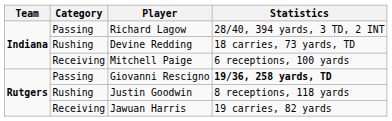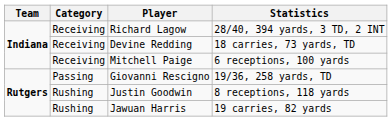 <table class="wikitable" style="float: right;">
 <tr>
 <th>Team</th>
 <th>Category</th>
 <th>Player</th>
 <th>Statistics</th>
 </tr>
 <tr>
 <td rowspan=3><strong>Indiana</strong></td>
-<td>Passing</td>
+<td>Receiving</td>
 <td>Richard Lagow</td>
 <td>28/40, 394 yards, 3 TD, 2 INT</td>
 </tr>
 <tr>
-<td>Rushing</td>
+<td>Receiving</td>
 <td>Devine Redding</td>
 <td>18 carries, 73 yards, TD</td>
 </tr>
 <tr>
 <td>Receiving</td>
 <td>Mitchell Paige</td>
 <td>6 receptions, 100 yards</td>
 </tr>
 <tr>
 <td rowspan=3><strong>Rutgers</strong></td>
 <td>Passing</td>
 <td>Giovanni Rescigno</td>
-<td><strong>19/36, 258 yards, TD</strong></td>
+<td>19/36, 258 yards, TD</td>
 </tr>
 <tr>
 <td>Rushing</td>
 <td>Justin Goodwin</td>
 <td>8 receptions, 118 yards</td>
 </tr>
 <tr>
-<td>Receiving</td>
+<td>Rushing</td>
 <td>Jawuan Harris</td>
 <td>19 carries, 82 yards</td>
 </tr>
 </table>
